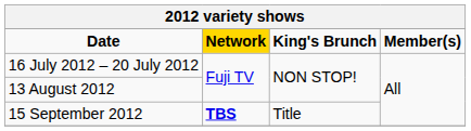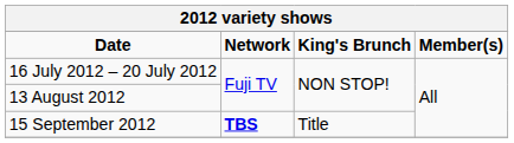 <table class="wikitable mw-collapsible mw-collapsed">
 <tr>
 <th colspan="5">2012 variety shows</th>
 </tr>
 <tr>
 </tr>
 <tr style="font-weight:bold; text-align:center;">
 <td>Date</td>
-<td style="background: gold;">Network</td>
+<td>Network</td>
 <td>King's Brunch</td>
 <td>Member(s)</td>
 </tr>
 <tr>
 <td>16 July 2012 – 20 July 2012</td>
 <td rowspan="2"><a href='#'>Fuji TV</a></td>
 <td rowspan="2">NON STOP!</td>
 <td rowspan="3">All</td>
 </tr>
 <tr>
 <td>13 August 2012</td>
 </tr>
 <tr>
 <td>15 September 2012</td>
 <td><strong><a href='#'>TBS</a></strong></td>
 <td>Title</td>
 </tr>
 <tr>
 </tr>
 </table>
